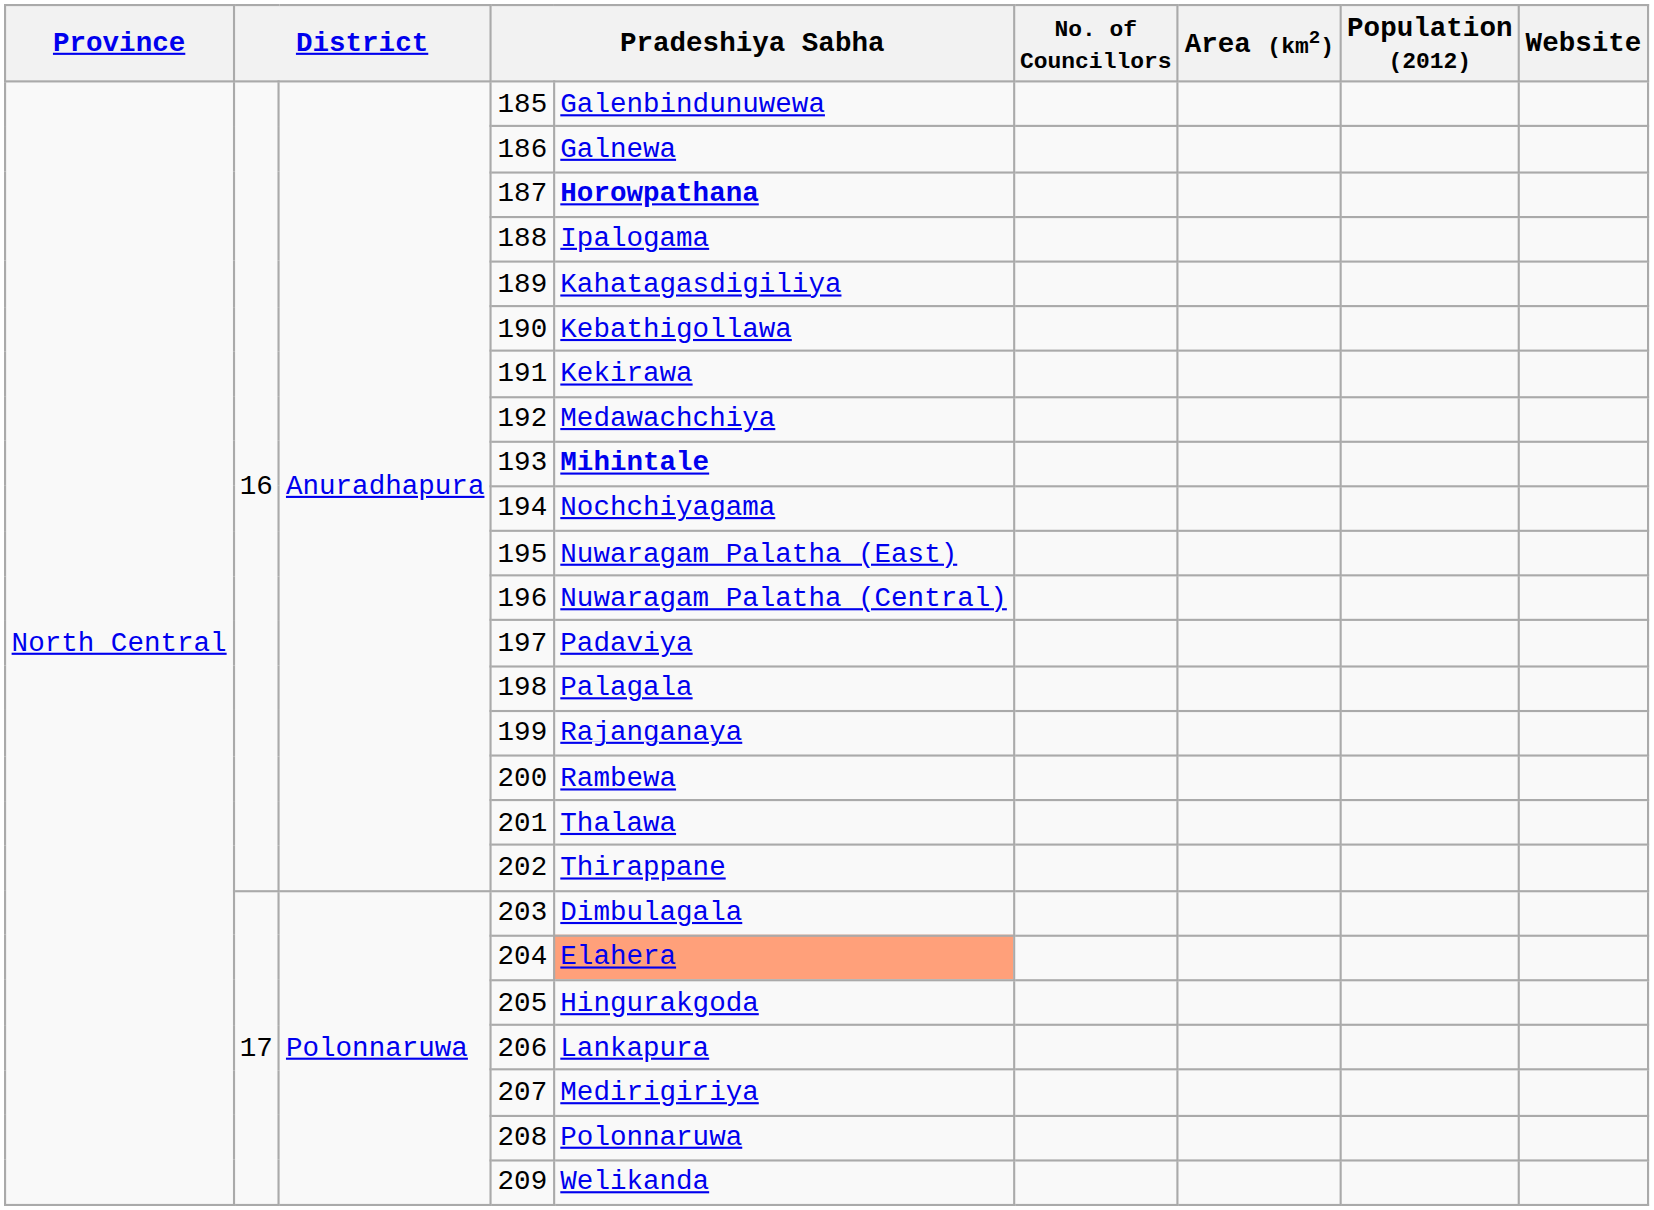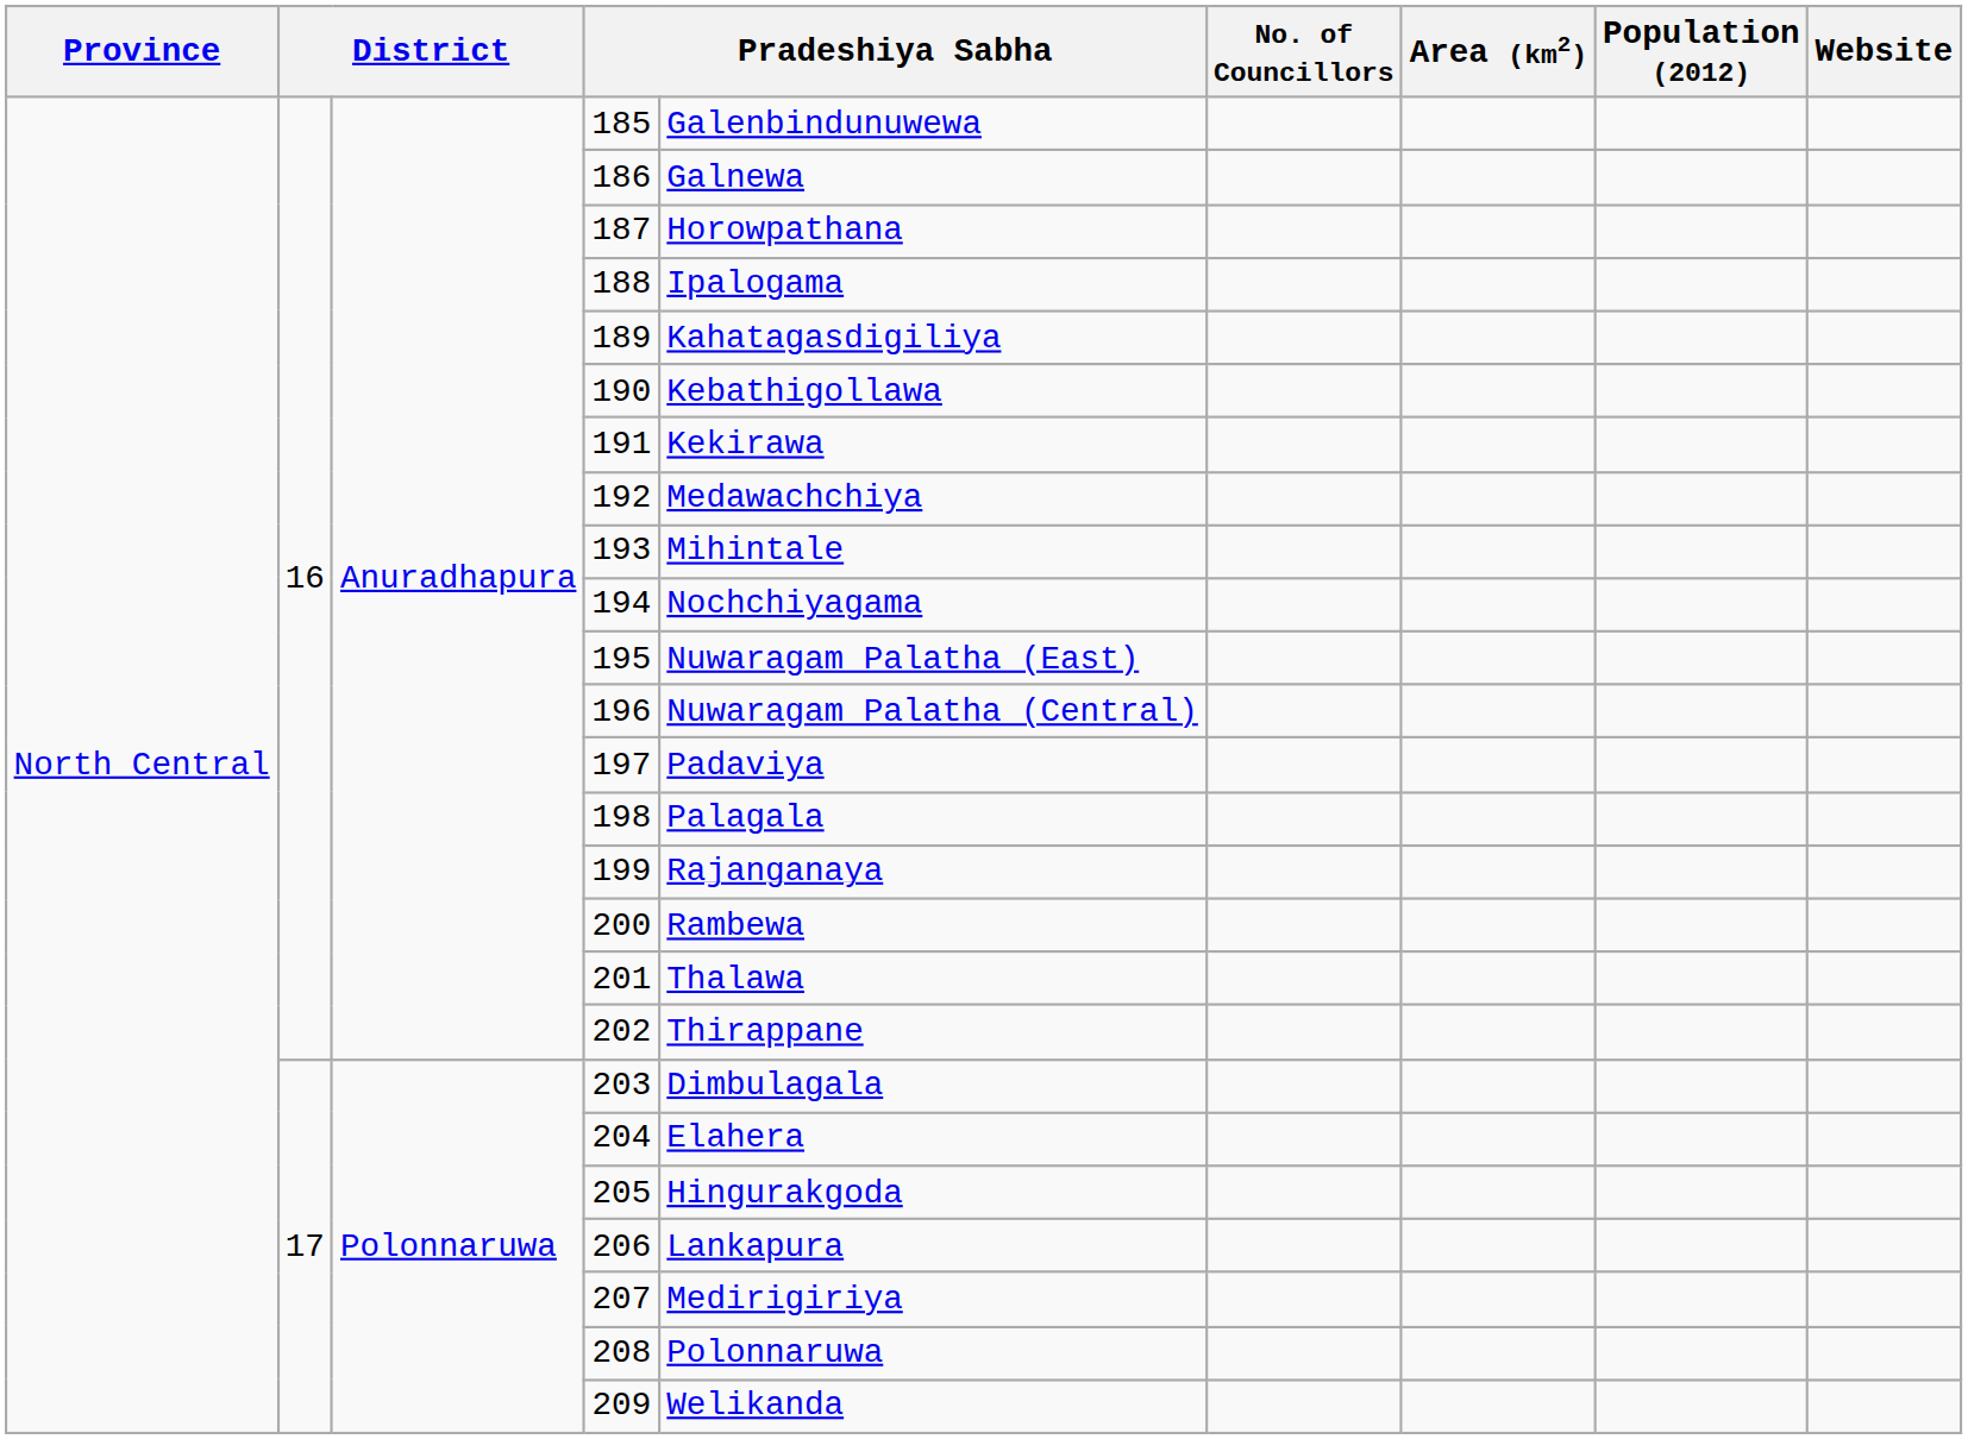 <table class="wikitable sortable">
 <tr>
 <th><a href='#'>Province</a></th>
 <th colspan="2"><a href='#'>District</a></th>
 <th colspan="2">Pradeshiya Sabha</th>
 <th><small>No. of<br>Councillors</small></th>
 <th>Area <small>(km<sup>2</sup>)</small><br></th>
 <th>Population<br><small>(2012)</small></th>
 <th>Website</th>
 </tr>
 <tr>
 <td rowspan="25"><a href='#'>North Central</a></td>
 <td rowspan="18">16</td>
 <td rowspan="18"><a href='#'>Anuradhapura</a></td>
 <td>185</td>
 <td><a href='#'>Galenbindunuwewa</a></td>
 <td></td>
 <td></td>
 <td></td>
 <td></td>
 </tr>
 <tr>
 <td>186</td>
 <td><a href='#'>Galnewa</a></td>
 <td></td>
 <td></td>
 <td></td>
 <td></td>
 </tr>
 <tr>
 <td>187</td>
-<td><strong><a href='#'>Horowpathana</a></strong></td>
+<td><a href='#'>Horowpathana</a></td>
 <td></td>
 <td></td>
 <td></td>
 <td></td>
 </tr>
 <tr>
 <td>188</td>
 <td><a href='#'>Ipalogama</a></td>
 <td></td>
 <td></td>
 <td></td>
 <td></td>
 </tr>
 <tr>
 <td>189</td>
 <td><a href='#'>Kahatagasdigiliya</a></td>
 <td></td>
 <td></td>
 <td></td>
 <td></td>
 </tr>
 <tr>
 <td>190</td>
 <td><a href='#'>Kebathigollawa</a></td>
 <td></td>
 <td></td>
 <td></td>
 <td></td>
 </tr>
 <tr>
 <td>191</td>
 <td><a href='#'>Kekirawa</a></td>
 <td></td>
 <td></td>
 <td></td>
 <td></td>
 </tr>
 <tr>
 <td>192</td>
 <td><a href='#'>Medawachchiya</a></td>
 <td></td>
 <td></td>
 <td></td>
 <td></td>
 </tr>
 <tr>
 <td>193</td>
-<td><strong><a href='#'>Mihintale</a></strong></td>
+<td><a href='#'>Mihintale</a></td>
 <td></td>
 <td></td>
 <td></td>
 <td></td>
 </tr>
 <tr>
 <td>194</td>
 <td><a href='#'>Nochchiyagama</a></td>
 <td></td>
 <td></td>
 <td></td>
 <td></td>
 </tr>
 <tr>
 <td>195</td>
 <td><a href='#'>Nuwaragam Palatha (East)</a></td>
 <td></td>
 <td></td>
 <td></td>
 <td></td>
 </tr>
 <tr>
 <td>196</td>
 <td><a href='#'>Nuwaragam Palatha (Central)</a></td>
 <td></td>
 <td></td>
 <td></td>
 <td></td>
 </tr>
 <tr>
 <td>197</td>
 <td><a href='#'>Padaviya</a></td>
 <td></td>
 <td></td>
 <td></td>
 <td></td>
 </tr>
 <tr>
 <td>198</td>
 <td><a href='#'>Palagala</a></td>
 <td></td>
 <td></td>
 <td></td>
 <td></td>
 </tr>
 <tr>
 <td>199</td>
 <td><a href='#'>Rajanganaya</a></td>
 <td></td>
 <td></td>
 <td></td>
 <td></td>
 </tr>
 <tr>
 <td>200</td>
 <td><a href='#'>Rambewa</a></td>
 <td></td>
 <td></td>
 <td></td>
 <td></td>
 </tr>
 <tr>
 <td>201</td>
 <td><a href='#'>Thalawa</a></td>
 <td></td>
 <td></td>
 <td></td>
 <td></td>
 </tr>
 <tr>
 <td>202</td>
 <td><a href='#'>Thirappane</a></td>
 <td></td>
 <td></td>
 <td></td>
 <td></td>
 </tr>
 <tr>
 <td rowspan="7">17</td>
 <td rowspan="7"><a href='#'>Polonnaruwa</a></td>
 <td>203</td>
 <td><a href='#'>Dimbulagala</a></td>
 <td></td>
 <td></td>
 <td></td>
 <td></td>
 </tr>
 <tr>
 <td>204</td>
-<td style="background: lightsalmon;"><a href='#'>Elahera</a></td>
+<td><a href='#'>Elahera</a></td>
 <td></td>
 <td></td>
 <td></td>
 <td></td>
 </tr>
 <tr>
 <td>205</td>
 <td><a href='#'>Hingurakgoda</a></td>
 <td></td>
 <td></td>
 <td></td>
 <td></td>
 </tr>
 <tr>
 <td>206</td>
 <td><a href='#'>Lankapura</a></td>
 <td></td>
 <td></td>
 <td></td>
 <td></td>
 </tr>
 <tr>
 <td>207</td>
 <td><a href='#'>Medirigiriya</a></td>
 <td></td>
 <td></td>
 <td></td>
 <td></td>
 </tr>
 <tr>
 <td>208</td>
 <td><a href='#'>Polonnaruwa</a></td>
 <td></td>
 <td></td>
 <td></td>
 <td></td>
 </tr>
 <tr>
 <td>209</td>
 <td><a href='#'>Welikanda</a></td>
 <td></td>
 <td></td>
 <td></td>
 <td></td>
 </tr>
 </table>
